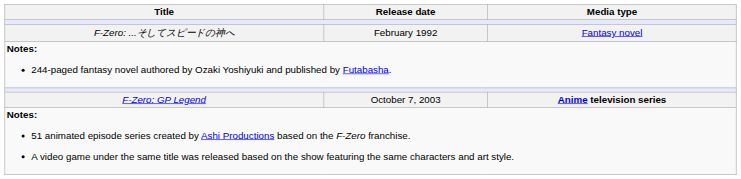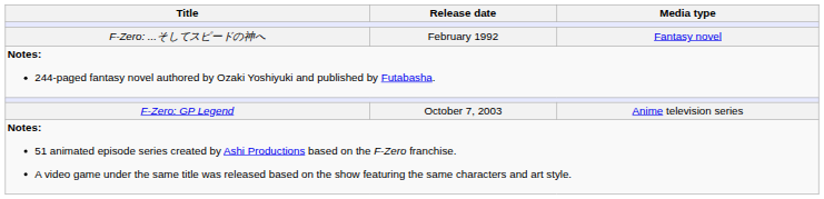 <table class="wikitable" style="margin:1em auto; width:95%;">
 <tr style="text-align: center;">
 <th>Title</th>
 <th>Release date</th>
 <th>Media type</th>
 </tr>
 <tr>
 <td colspan="4" style="background:#e6e9ff;"></td>
 </tr>
 <tr style="background:#F2F2F2;" align="center">
 <td><em>F-Zero: ...そしてスピードの神へ</em></td>
 <td>February 1992</td>
 <td><a href='#'>Fantasy novel</a></td>
 </tr>
 <tr>
 <td colspan="3" style="border: none; vertical-align: top;"><strong>Notes:</strong><br><ul><li>244-paged fantasy novel authored by Ozaki Yoshiyuki and published by <a href='#'>Futabasha</a>.</li></ul></td>
 </tr>
 <tr>
 <td colspan="3" style="background:#e6e9ff;"></td>
 </tr>
 <tr style="background:#F2F2F2;" align="center">
 <td><em><a href='#'>F-Zero: GP Legend</a></em></td>
 <td>October 7, 2003</td>
-<td><strong><a href='#'>Anime</a> television series</strong></td>
+<td><a href='#'>Anime</a> television series</td>
 </tr>
 <tr>
 <td colspan="3" style="border: none; vertical-align: top;"><strong>Notes:</strong><br><ul><li>51 animated episode series created by <a href='#'>Ashi Productions</a> based on the <em>F-Zero</em> franchise.</li></ul><ul><li>A video game under the same title was released based on the show featuring the same characters and art style.</li></ul></td>
 </tr>
 </table>
